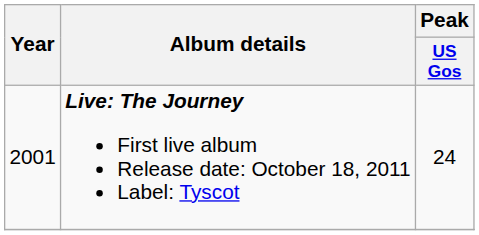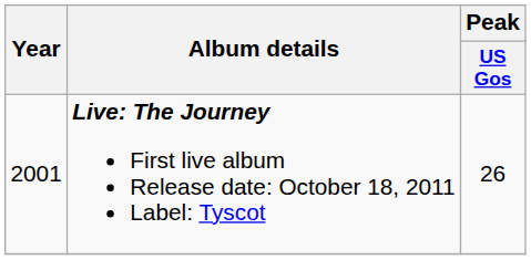 <table class="wikitable" style="text-align:center;">
 <tr>
 <th rowspan="2">Year</th>
 <th rowspan="2">Album details</th>
 <th colspan="1">Peak</th>
 </tr>
 <tr style="font-size:smaller;">
 <th width="30"><a href='#'>US Gos</a><br></th>
 </tr>
 <tr>
 <td>2001</td>
 <td align="left"><strong><em>Live: The Journey</em></strong><br><ul><li>First live album</li><li>Release date: October 18, 2011</li><li>Label: <a href='#'>Tyscot</a></li></ul></td>
-<td>24</td>
+<td>26</td>
 </tr>
 <tr>
 </tr>
 </table>
